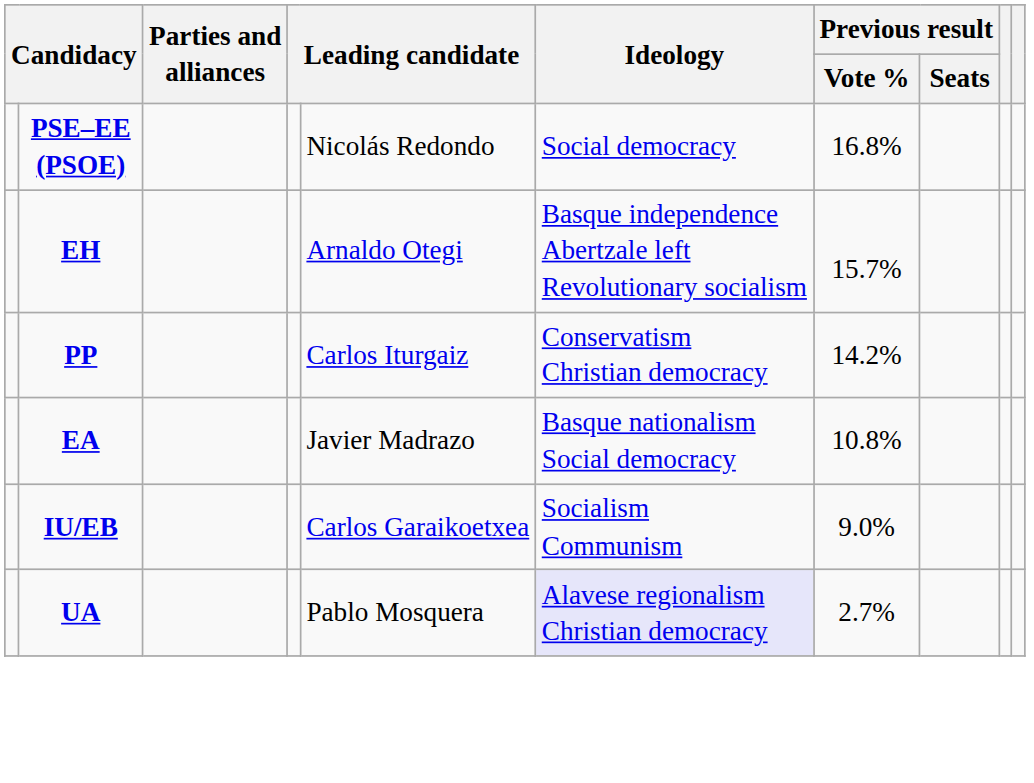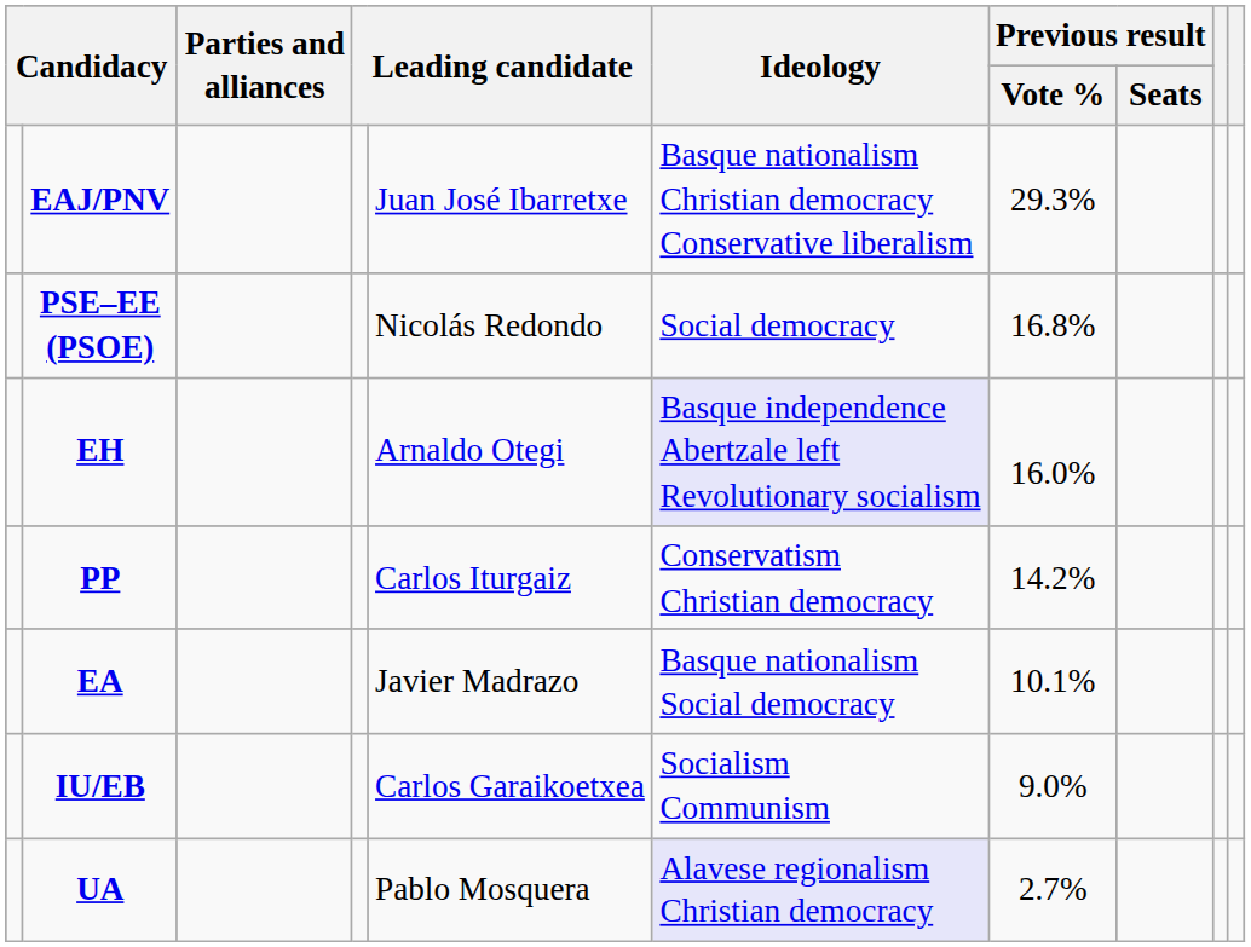 <table class="wikitable" style="line-height:1.35em; text-align:left;">
 <tr>
 <th colspan="2" rowspan="2">Candidacy</th>
 <th rowspan="2">Parties and<br>alliances</th>
 <th colspan="2" rowspan="2">Leading candidate</th>
 <th rowspan="2">Ideology</th>
 <th colspan="2">Previous result</th>
 <th rowspan="2"></th>
 <th rowspan="2"></th>
 </tr>
 <tr>
 <th>Vote %</th>
 <th>Seats</th>
+</tr>
+<tr>
+<td width="1" style="color:inherit;background:"></td>
+<td align="center"><strong><a href='#'>EAJ/PNV</a></strong></td>
+<td></td>
+<td></td>
+<td><a href='#'>Juan José Ibarretxe</a></td>
+<td><a href='#'>Basque nationalism</a><br><a href='#'>Christian democracy</a><br><a href='#'>Conservative liberalism</a></td>
+<td align="center">29.3%</td>
+<td></td>
+<td></td>
+<td></td>
 </tr>
 <tr>
 <td style="color:inherit;background:"></td>
 <td align="center"><strong><a href='#'>PSE–EE<br>(PSOE)</a></strong></td>
 <td></td>
 <td></td>
 <td>Nicolás Redondo</td>
 <td><a href='#'>Social democracy</a></td>
 <td align="center">16.8%</td>
 <td></td>
 <td></td>
 <td></td>
 </tr>
 <tr>
 <td style="color:inherit;background:"></td>
 <td align="center"><strong><a href='#'>EH</a></strong></td>
 <td></td>
 <td></td>
 <td><a href='#'>Arnaldo Otegi</a></td>
-<td><a href='#'>Basque independence</a><br><a href='#'>Abertzale left</a><br><a href='#'>Revolutionary socialism</a></td>
-<td align="center"><br>15.7%<br></td>
+<td style="background: lavender;"><a href='#'>Basque independence</a><br><a href='#'>Abertzale left</a><br><a href='#'>Revolutionary socialism</a></td>
+<td align="center"><br>16.0%<br></td>
 <td></td>
 <td></td>
 <td></td>
 </tr>
 <tr>
 <td style="color:inherit;background:"></td>
 <td align="center"><strong><a href='#'>PP</a></strong></td>
 <td></td>
 <td></td>
 <td><a href='#'>Carlos Iturgaiz</a></td>
 <td><a href='#'>Conservatism</a><br><a href='#'>Christian democracy</a></td>
 <td align="center">14.2%</td>
 <td></td>
 <td></td>
 <td></td>
 </tr>
 <tr>
 <td style="color:inherit;background:"></td>
 <td align="center"><strong><a href='#'>EA</a></strong></td>
 <td></td>
 <td></td>
 <td>Javier Madrazo</td>
 <td><a href='#'>Basque nationalism</a><br><a href='#'>Social democracy</a></td>
-<td align="center">10.8%</td>
+<td align="center">10.1%</td>
 <td></td>
 <td></td>
 <td></td>
 </tr>
 <tr>
 <td style="color:inherit;background:"></td>
 <td align="center"><strong><a href='#'>IU/EB</a></strong></td>
 <td></td>
 <td></td>
 <td><a href='#'>Carlos Garaikoetxea</a></td>
 <td><a href='#'>Socialism</a><br><a href='#'>Communism</a></td>
 <td align="center">9.0%</td>
 <td></td>
 <td></td>
 <td></td>
 </tr>
 <tr>
 <td style="color:inherit;background:"></td>
 <td align="center"><strong><a href='#'>UA</a></strong></td>
 <td></td>
 <td></td>
 <td>Pablo Mosquera</td>
 <td style="background: lavender;"><a href='#'>Alavese regionalism</a><br><a href='#'>Christian democracy</a></td>
 <td align="center">2.7%</td>
 <td></td>
 <td></td>
 <td></td>
 </tr>
 </table>
